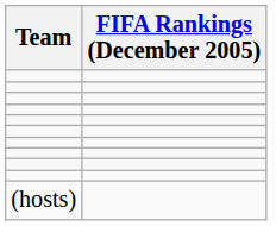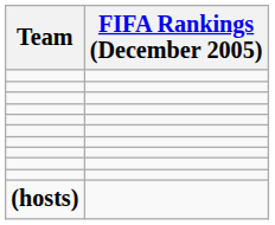 <table class="wikitable sortable" style="text-align: left;">
 <tr>
 <th>Team</th>
 <th><a href='#'>FIFA Rankings</a><br>(December 2005)</th>
 </tr>
 <tr>
 <td></td>
 <td></td>
 </tr>
 <tr>
 <td></td>
 <td></td>
 </tr>
 <tr>
 <td></td>
 <td></td>
 </tr>
 <tr>
 <td></td>
 <td></td>
 </tr>
 <tr>
 <td></td>
 <td></td>
 </tr>
 <tr>
 <td></td>
 <td></td>
 </tr>
 <tr>
 <td></td>
 <td></td>
 </tr>
 <tr>
 <td></td>
 <td></td>
 </tr>
 <tr>
 <td></td>
 <td></td>
 </tr>
 <tr>
 <td></td>
 <td></td>
 </tr>
 <tr>
-<td> (hosts)</td>
+<td><strong> (hosts)</strong></td>
 <td></td>
 </tr>
 </table>
